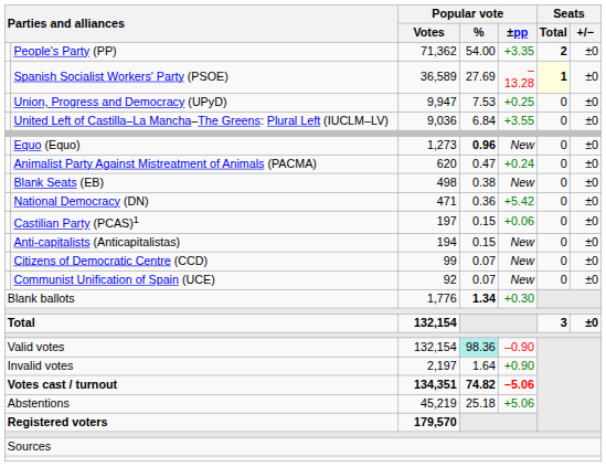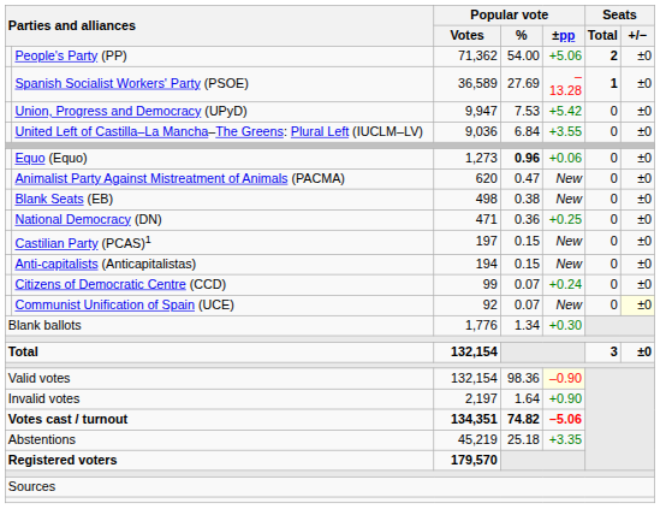 <table class="wikitable" style="text-align:right;">
 <tr>
 <th style="text-align:left;" rowspan="2" colspan="2" width="525">Parties and alliances</th>
 <th colspan="3">Popular vote</th>
 <th colspan="2">Seats</th>
 </tr>
 <tr>
 <th width="75">Votes</th>
 <th width="45">%</th>
 <th width="45">±<a href='#'>pp</a></th>
 <th width="35">Total</th>
 <th width="35">+/−</th>
 </tr>
 <tr>
 <td width="1" style="color:inherit;background:"></td>
 <td align="left"><a href='#'>People's Party</a> (PP)</td>
 <td>71,362</td>
 <td>54.00</td>
-<td style="color:green;">+3.35</td>
+<td style="color:green;">+5.06</td>
 <td><strong>2</strong></td>
 <td>±0</td>
 </tr>
 <tr>
 <td style="color:inherit;background:"></td>
 <td align="left"><a href='#'>Spanish Socialist Workers' Party</a> (PSOE)</td>
 <td>36,589</td>
 <td>27.69</td>
 <td style="color:red;">–13.28</td>
-<td style="background: lightyellow;"><strong>1</strong></td>
+<td><strong>1</strong></td>
 <td>±0</td>
 </tr>
 <tr>
 <td style="color:inherit;background:"></td>
 <td align="left"><a href='#'>Union, Progress and Democracy</a> (UPyD)</td>
 <td>9,947</td>
 <td>7.53</td>
-<td style="color:green;">+0.25</td>
+<td style="color:green;">+5.42</td>
 <td>0</td>
 <td>±0</td>
 </tr>
 <tr>
 <td style="color:inherit;background:"></td>
 <td align="left"><a href='#'>United Left of Castilla–La Mancha</a>–<a href='#'>The Greens</a>: <a href='#'>Plural Left</a> (IUCLM–LV)</td>
 <td>9,036</td>
 <td>6.84</td>
 <td style="color:green;">+3.55</td>
 <td>0</td>
 <td>±0</td>
 </tr>
 <tr>
 <td colspan="7" bgcolor="#C0C0C0"></td>
 </tr>
 <tr>
 <td style="color:inherit;background:"></td>
 <td align="left"><a href='#'>Equo</a> (Equo)</td>
 <td>1,273</td>
 <td><strong>0.96</strong></td>
-<td><em>New</em></td>
+<td style="color:green;">+0.06</td>
 <td>0</td>
 <td>±0</td>
 </tr>
 <tr>
 <td style="color:inherit;background:"></td>
 <td align="left"><a href='#'>Animalist Party Against Mistreatment of Animals</a> (PACMA)</td>
 <td>620</td>
 <td>0.47</td>
-<td style="color:green;">+0.24</td>
+<td><em>New</em></td>
 <td>0</td>
 <td>±0</td>
 </tr>
 <tr>
 <td style="color:inherit;background:"></td>
 <td align="left"><a href='#'>Blank Seats</a> (EB)</td>
 <td>498</td>
 <td>0.38</td>
 <td><em>New</em></td>
 <td>0</td>
 <td>±0</td>
 </tr>
 <tr>
 <td style="color:inherit;background:"></td>
 <td align="left"><a href='#'>National Democracy</a> (DN)</td>
 <td>471</td>
 <td>0.36</td>
-<td style="color:green;">+5.42</td>
+<td style="color:green;">+0.25</td>
 <td>0</td>
 <td>±0</td>
 </tr>
 <tr>
 <td style="color:inherit;background:"></td>
 <td align="left"><a href='#'>Castilian Party</a> (PCAS)<sup>1</sup></td>
 <td>197</td>
 <td>0.15</td>
-<td style="color:green;">+0.06</td>
+<td><em>New</em></td>
 <td>0</td>
 <td>±0</td>
 </tr>
 <tr>
 <td style="color:inherit;background:"></td>
 <td align="left"><a href='#'>Anti-capitalists</a> (Anticapitalistas)</td>
 <td>194</td>
 <td>0.15</td>
 <td><em>New</em></td>
 <td>0</td>
 <td>±0</td>
 </tr>
 <tr>
 <td style="color:inherit;background:"></td>
 <td align="left"><a href='#'>Citizens of Democratic Centre</a> (CCD)</td>
 <td>99</td>
 <td>0.07</td>
-<td><em>New</em></td>
+<td style="color:green;">+0.24</td>
 <td>0</td>
 <td>±0</td>
 </tr>
 <tr>
 <td style="color:inherit;background:"></td>
 <td align="left"><a href='#'>Communist Unification of Spain</a> (UCE)</td>
 <td>92</td>
 <td>0.07</td>
 <td><em>New</em></td>
 <td>0</td>
-<td>±0</td>
+<td style="background: lightyellow;">±0</td>
 </tr>
 <tr>
 <td align="left" colspan="2">Blank ballots</td>
 <td>1,776</td>
-<td><strong>1.34</strong></td>
+<td>1.34</td>
 <td style="color:green;">+0.30</td>
 <td bgcolor="#E9E9E9" colspan="2"></td>
 </tr>
 <tr>
 <td colspan="7" bgcolor="#E9E9E9"></td>
 </tr>
 <tr style="font-weight:bold;">
 <td align="left" colspan="2">Total</td>
 <td>132,154</td>
 <td bgcolor="#E9E9E9" colspan="2"></td>
 <td>3</td>
 <td>±0</td>
 </tr>
 <tr>
 <td colspan="7" bgcolor="#E9E9E9"></td>
 </tr>
 <tr>
 <td align="left" colspan="2">Valid votes</td>
 <td>132,154</td>
-<td style="background: paleturquoise;">98.36</td>
-<td style="color:red;">–0.90</td>
+<td>98.36</td>
+<td style="background: lightyellow; color:red;">–0.90</td>
 <td bgcolor="#E9E9E9" colspan="2" rowspan="5"></td>
 </tr>
 <tr>
 <td align="left" colspan="2">Invalid votes</td>
 <td>2,197</td>
 <td>1.64</td>
 <td style="color:green;">+0.90</td>
 </tr>
 <tr style="font-weight:bold;">
 <td align="left" colspan="2">Votes cast / turnout</td>
 <td>134,351</td>
 <td>74.82</td>
 <td style="color:red;">–5.06</td>
 </tr>
 <tr>
 <td align="left" colspan="2">Abstentions</td>
 <td>45,219</td>
 <td>25.18</td>
-<td style="color:green;">+5.06</td>
+<td style="color:green;">+3.35</td>
 </tr>
 <tr style="font-weight:bold;">
 <td align="left" colspan="2">Registered voters</td>
 <td>179,570</td>
 <td bgcolor="#E9E9E9" colspan="2"></td>
 </tr>
 <tr>
 <td colspan="7" bgcolor="#E9E9E9"></td>
 </tr>
 <tr>
 <td align="left" colspan="7">Sources</td>
 </tr>
 <tr>
 <td colspan="7" style="text-align:left; max-width:790px;"></td>
 </tr>
 </table>
